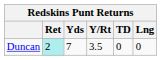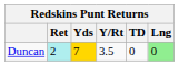 <table class="wikitable">
 <tr>
 <th colspan="6">Redskins Punt Returns</th>
 </tr>
 <tr>
 <th></th>
 <th>Ret</th>
 <th>Yds</th>
 <th>Y/Rt</th>
 <th>TD</th>
 <th>Lng</th>
 </tr>
 <tr>
 <td><a href='#'>Duncan</a></td>
 <td style="background: paleturquoise;">2</td>
-<td>7</td>
+<td style="background: gold;">7</td>
 <td>3.5</td>
 <td>0</td>
-<td>0</td>
+<td style="background: lightgreen;">0</td>
 </tr>
 </table>
